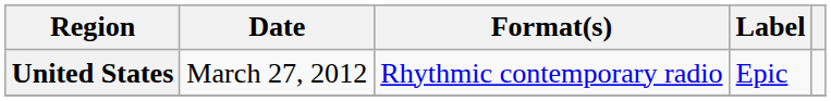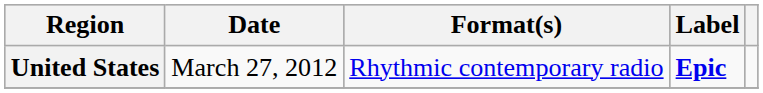 <table class="wikitable plainrowheaders">
 <tr>
 <th scope="col">Region</th>
 <th scope="col">Date</th>
 <th scope="col">Format(s)</th>
 <th scope="col">Label</th>
 <th scope="col"></th>
 </tr>
 <tr>
 <th scope="row">United States</th>
 <td>March 27, 2012</td>
 <td><a href='#'>Rhythmic contemporary radio</a></td>
-<td><a href='#'>Epic</a></td>
+<td><strong><a href='#'>Epic</a></strong></td>
 <td></td>
 </tr>
 <tr>
 </tr>
 </table>
